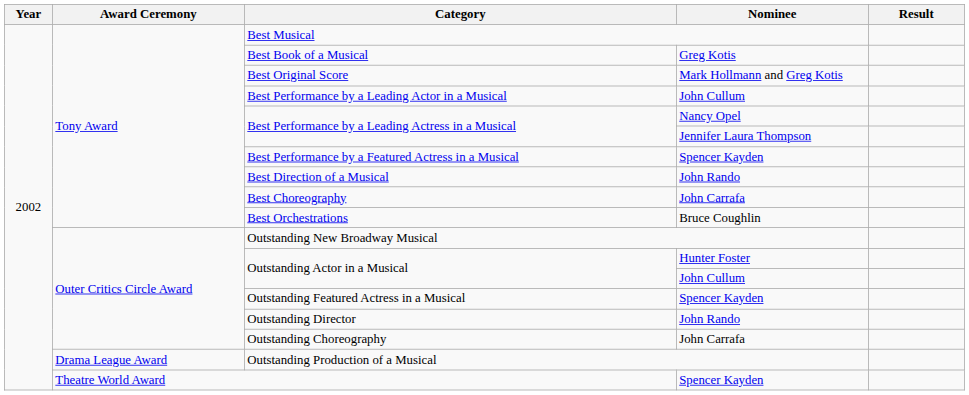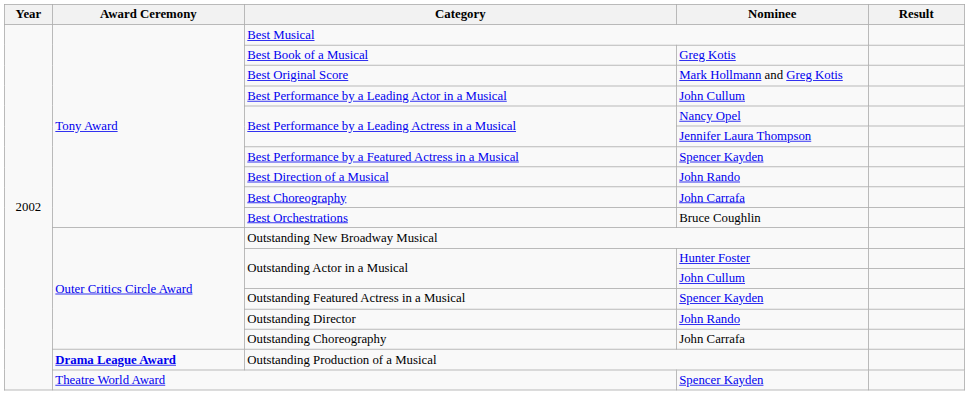 <table class="wikitable" width="95%">
 <tr>
 <th width="5%">Year</th>
 <th width="20%">Award Ceremony</th>
 <th width="45%">Category</th>
 <th width="20%">Nominee</th>
 <th width="10%">Result</th>
 </tr>
 <tr>
 <td rowspan="18" align="center">2002</td>
 <td rowspan="10"><a href='#'>Tony Award</a></td>
 <td colspan="2"><a href='#'>Best Musical</a></td>
 <td></td>
 </tr>
 <tr>
 <td><a href='#'>Best Book of a Musical</a></td>
 <td><a href='#'>Greg Kotis</a></td>
 <td></td>
 </tr>
 <tr>
 <td><a href='#'>Best Original Score</a></td>
 <td><a href='#'>Mark Hollmann</a> and <a href='#'>Greg Kotis</a></td>
 <td></td>
 </tr>
 <tr>
 <td><a href='#'>Best Performance by a Leading Actor in a Musical</a></td>
 <td><a href='#'>John Cullum</a></td>
 <td></td>
 </tr>
 <tr>
 <td rowspan="2"><a href='#'>Best Performance by a Leading Actress in a Musical</a></td>
 <td><a href='#'>Nancy Opel</a></td>
 <td></td>
 </tr>
 <tr>
 <td><a href='#'>Jennifer Laura Thompson</a></td>
 <td></td>
 </tr>
 <tr>
 <td><a href='#'>Best Performance by a Featured Actress in a Musical</a></td>
 <td><a href='#'>Spencer Kayden</a></td>
 <td></td>
 </tr>
 <tr>
 <td><a href='#'>Best Direction of a Musical</a></td>
 <td><a href='#'>John Rando</a></td>
 <td></td>
 </tr>
 <tr>
 <td><a href='#'>Best Choreography</a></td>
 <td><a href='#'>John Carrafa</a></td>
 <td></td>
 </tr>
 <tr>
 <td><a href='#'>Best Orchestrations</a></td>
 <td>Bruce Coughlin</td>
 <td></td>
 </tr>
 <tr>
 <td rowspan="6"><a href='#'>Outer Critics Circle Award</a></td>
 <td colspan="2">Outstanding New Broadway Musical</td>
 <td></td>
 </tr>
 <tr>
 <td rowspan="2">Outstanding Actor in a Musical</td>
 <td><a href='#'>Hunter Foster</a></td>
 <td></td>
 </tr>
 <tr>
 <td><a href='#'>John Cullum</a></td>
 <td></td>
 </tr>
 <tr>
 <td>Outstanding Featured Actress in a Musical</td>
 <td><a href='#'>Spencer Kayden</a></td>
 <td></td>
 </tr>
 <tr>
 <td>Outstanding Director</td>
 <td><a href='#'>John Rando</a></td>
 <td></td>
 </tr>
 <tr>
 <td>Outstanding Choreography</td>
 <td>John Carrafa</td>
 <td></td>
 </tr>
 <tr>
-<td><a href='#'>Drama League Award</a></td>
+<td><strong><a href='#'>Drama League Award</a></strong></td>
 <td colspan="2">Outstanding Production of a Musical</td>
 <td></td>
 </tr>
 <tr>
 <td colspan="2"><a href='#'>Theatre World Award</a></td>
 <td><a href='#'>Spencer Kayden</a></td>
 <td></td>
 </tr>
 </table>
